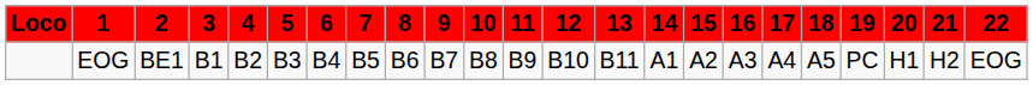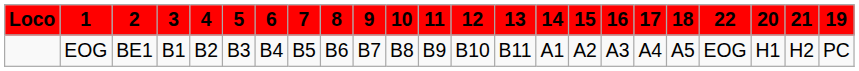 <table class="wikitable plainrowheaders unsortable" style="text-align:center">
 <tr>
 <th scope="col" rowspan="1" style="background:RED;">Loco</th>
 <th scope="col" rowspan="1" style="background:RED;">1</th>
 <th scope="col" rowspan="1" style="background:RED;">2</th>
 <th scope="col" rowspan="1" style="background:RED;">3</th>
 <th scope="col" rowspan="1" style="background:RED;">4</th>
 <th scope="col" rowspan="1" style="background:RED;">5</th>
 <th scope="col" rowspan="1" style="background:RED;">6</th>
 <th scope="col" rowspan="1" style="background:RED;">7</th>
 <th scope="col" rowspan="1" style="background:RED;">8</th>
 <th scope="col" rowspan="1" style="background:RED;">9</th>
 <th scope="col" rowspan="1" style="background:RED;">10</th>
 <th scope="col" rowspan="1" style="background:RED;">11</th>
 <th scope="col" rowspan="1" style="background:RED;">12</th>
 <th scope="col" rowspan="1" style="background:RED;">13</th>
 <th scope="col" rowspan="1" style="background:RED;">14</th>
 <th scope="col" rowspan="1" style="background:RED;">15</th>
 <th scope="col" rowspan="1" style="background:RED;">16</th>
 <th scope="col" rowspan="1" style="background:RED;">17</th>
 <th scope="col" rowspan="1" style="background:RED;">18</th>
-<th rowspan="1" scope="col" style="background:RED;">19</th>
+<th rowspan="1" scope="col" style="background:RED;">22</th>
 <th rowspan="1" scope="col" style="background:RED;">20</th>
 <th rowspan="1" scope="col" style="background:RED;">21</th>
-<th rowspan="1" scope="col" style="background:RED;">22</th>
+<th rowspan="1" scope="col" style="background:RED;">19</th>
 </tr>
 <tr>
 <td></td>
 <td>EOG</td>
 <td>BE1</td>
 <td>B1</td>
 <td>B2</td>
 <td>B3</td>
 <td>B4</td>
 <td>B5</td>
 <td>B6</td>
 <td>B7</td>
 <td>B8</td>
 <td>B9</td>
 <td>B10</td>
 <td>B11</td>
 <td>A1</td>
 <td>A2</td>
 <td>A3</td>
 <td>A4</td>
 <td>A5</td>
-<td>PC</td>
+<td>EOG</td>
 <td>H1</td>
 <td>H2</td>
-<td>EOG</td>
+<td>PC</td>
 </tr>
 </table>
